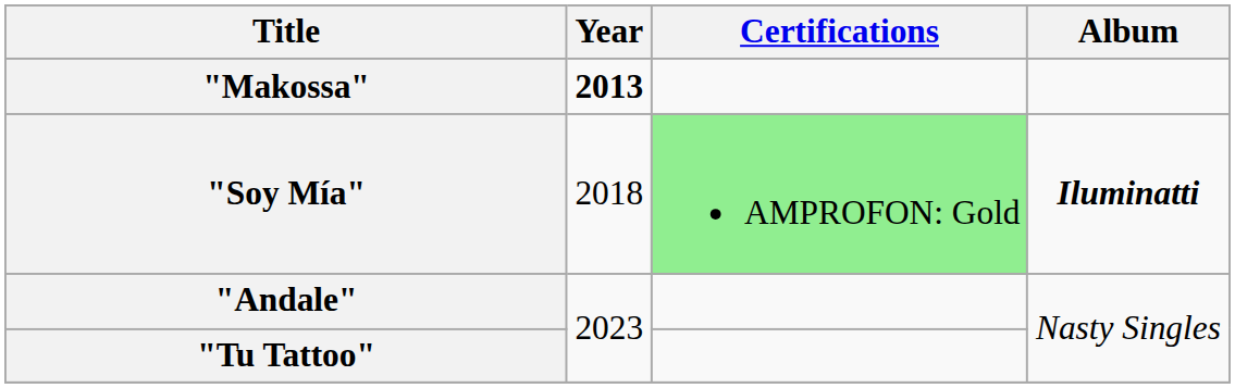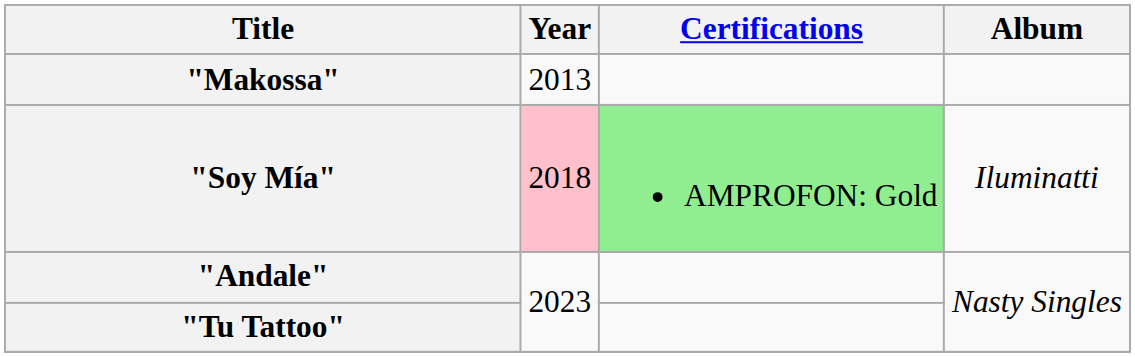 <table class="wikitable plainrowheaders" style="text-align:center;">
 <tr>
 <th scope="col" style="width:16em;">Title</th>
 <th scope="col">Year</th>
 <th scope="col"><a href='#'>Certifications</a></th>
 <th scope="col">Album</th>
 </tr>
 <tr>
 <th scope="row">"Makossa"</th>
-<td><strong>2013</strong></td>
+<td>2013</td>
 <td></td>
 <td></td>
 </tr>
 <tr>
 <th scope="row">"Soy Mía"<br></th>
-<td>2018</td>
+<td style="background: pink;">2018</td>
 <td style="background: lightgreen;"><br><ul><li>AMPROFON: Gold</li></ul></td>
-<td><strong><em>Iluminatti</em></strong></td>
+<td><em>Iluminatti</em></td>
 </tr>
 <tr>
 <th scope="row">"Andale"</th>
 <td rowspan="2">2023</td>
 <td></td>
 <td rowspan="2"><em>Nasty Singles</em></td>
 </tr>
 <tr>
 <th scope="row">"Tu Tattoo"</th>
 <td></td>
 </tr>
 <tr>
 </tr>
 </table>
